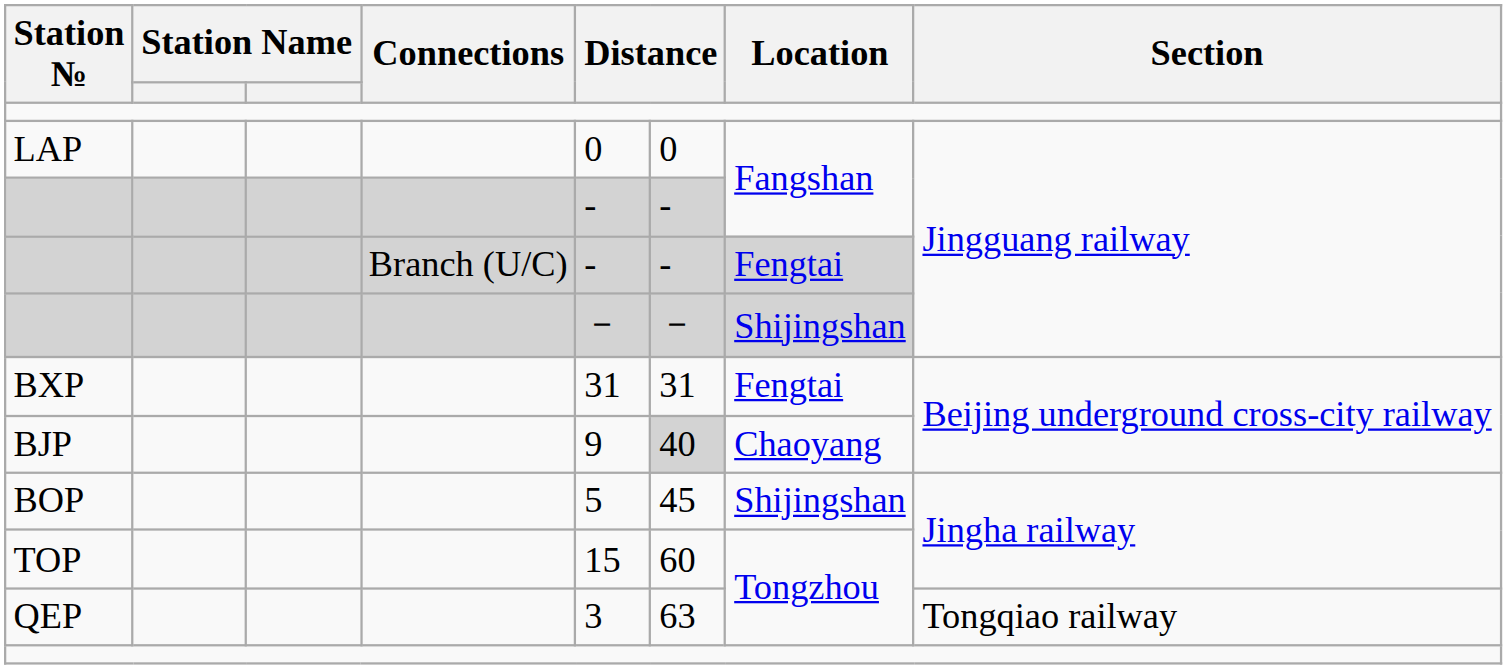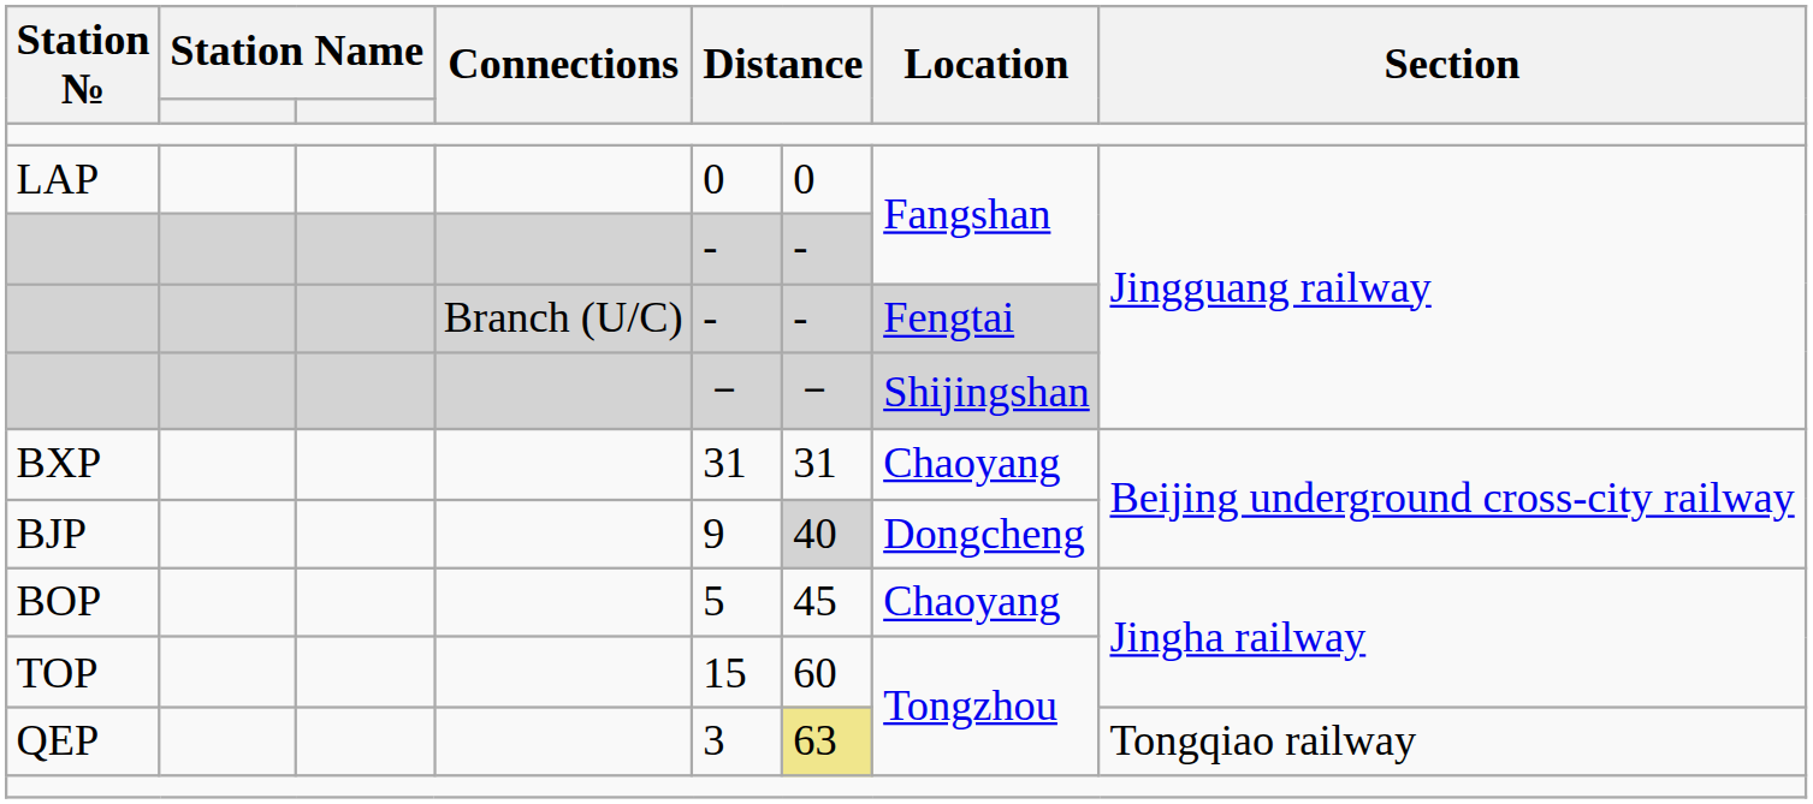 <table class="wikitable">
 <tr>
 <th rowspan="2">Station<br>№</th>
 <th colspan="2">Station Name</th>
 <th rowspan="2">Connections</th>
 <th colspan="2" rowspan="2">Distance<br></th>
 <th rowspan="2">Location</th>
 <th rowspan="2">Section</th>
 </tr>
 <tr>
 <th></th>
 <th></th>
 </tr>
 <tr style="background:#">
 <td colspan="8"></td>
 </tr>
 <tr>
 <td>LAP</td>
 <td></td>
 <td></td>
 <td></td>
 <td>0</td>
 <td>0</td>
 <td rowspan="2"><a href='#'>Fangshan</a></td>
 <td rowspan="4"><a href='#'>Jingguang railway</a></td>
 </tr>
 <tr bgcolor="lightgrey">
 <td></td>
 <td><em></em><br></td>
 <td></td>
 <td></td>
 <td>-</td>
 <td>-</td>
 </tr>
 <tr bgcolor="lightgrey">
 <td></td>
 <td><em></em></td>
 <td></td>
 <td>  Branch (U/C)</td>
 <td>-</td>
 <td>-</td>
 <td><a href='#'>Fengtai</a></td>
 </tr>
 <tr bgcolor="lightgrey">
 <td></td>
 <td><em></em><br></td>
 <td></td>
 <td></td>
 <td>－</td>
 <td>－</td>
 <td><a href='#'>Shijingshan</a></td>
 </tr>
 <tr>
 <td>BXP</td>
 <td><br></td>
 <td></td>
 <td>  <br>  </td>
 <td>31</td>
 <td>31</td>
-<td><a href='#'>Fengtai</a></td>
+<td><a href='#'>Chaoyang</a></td>
 <td rowspan="2"><a href='#'>Beijing underground cross-city railway</a></td>
 </tr>
 <tr>
 <td>BJP</td>
 <td></td>
 <td></td>
 <td> </td>
 <td>9</td>
 <td style="background: lightgrey;">40</td>
-<td><a href='#'>Chaoyang</a></td>
+<td><a href='#'>Dongcheng</a></td>
 </tr>
 <tr>
 <td>BOP</td>
 <td><br></td>
 <td></td>
 <td></td>
 <td>5</td>
 <td>45</td>
-<td><a href='#'>Shijingshan</a></td>
+<td><a href='#'>Chaoyang</a></td>
 <td rowspan="2"><a href='#'>Jingha railway</a></td>
 </tr>
 <tr>
 <td>TOP</td>
 <td></td>
 <td></td>
 <td></td>
 <td>15</td>
 <td>60</td>
 <td rowspan="2"><a href='#'>Tongzhou</a></td>
 </tr>
 <tr>
 <td>QEP</td>
 <td><br></td>
 <td></td>
 <td></td>
 <td>3</td>
-<td>63</td>
+<td style="background: khaki;">63</td>
 <td>Tongqiao railway</td>
 </tr>
 <tr style="background:#">
 <td colspan="8"></td>
 </tr>
 </table>
